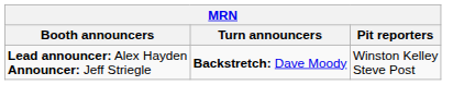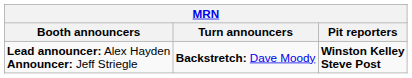 <table class="wikitable" style="font-size: 95%">
 <tr>
 <th colspan="3"><a href='#'>MRN</a></th>
 </tr>
 <tr>
 <th>Booth announcers</th>
 <th>Turn announcers</th>
 <th>Pit reporters</th>
 </tr>
 <tr>
 <td><strong>Lead announcer:</strong> Alex Hayden<br><strong>Announcer:</strong> Jeff Striegle</td>
 <td><strong>Backstretch:</strong> <a href='#'>Dave Moody</a></td>
-<td>Winston Kelley<br>Steve Post</td>
+<td><strong>Winston Kelley<br>Steve Post</strong></td>
 </tr>
 </table>
